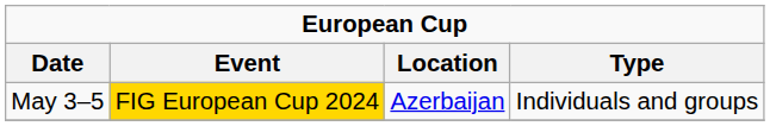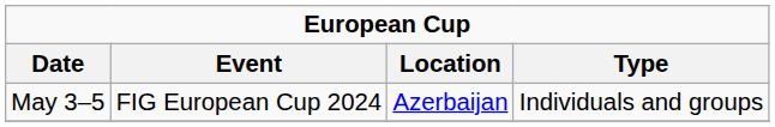 <table class="wikitable">
 <tr>
 <td colspan="4" style="text-align:center;"><strong>European Cup</strong></td>
 </tr>
 <tr>
 <th>Date</th>
 <th>Event</th>
 <th>Location</th>
 <th>Type</th>
 </tr>
 <tr>
 <td>May 3–5</td>
-<td style="background: gold;">FIG European Cup 2024</td>
+<td>FIG European Cup 2024</td>
 <td>  <a href='#'>Azerbaijan</a></td>
 <td>Individuals and groups</td>
 </tr>
 <tr>
 </tr>
 </table>
